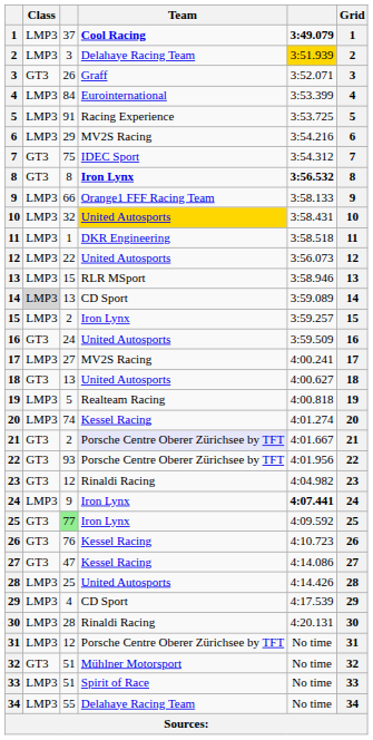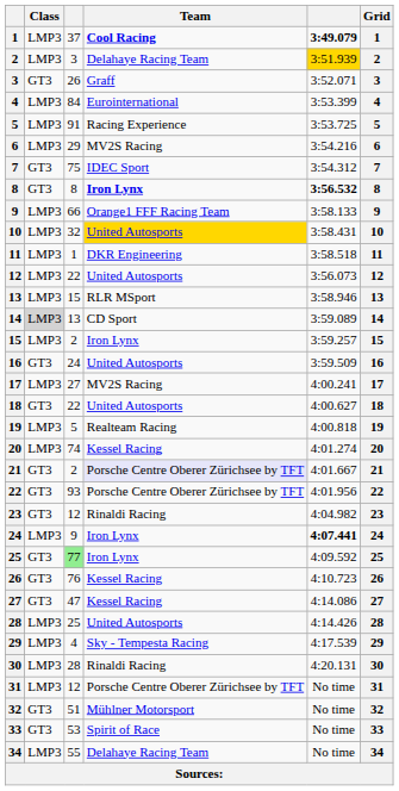 <table class="wikitable" style="font-size: 85%;">
 <tr>
 <th></th>
 <th>Class</th>
 <th></th>
 <th>Team</th>
 <th></th>
 <th>Grid</th>
 </tr>
 <tr>
 <th>1</th>
 <td>LMP3</td>
 <td align="center">37</td>
 <td><strong><a href='#'>Cool Racing</a></strong></td>
 <td align="center"><strong>3:49.079</strong></td>
 <th>1</th>
 </tr>
 <tr>
 <th>2</th>
 <td>LMP3</td>
 <td align="center">3</td>
 <td><a href='#'>Delahaye Racing Team</a></td>
 <td align="center" style="background: gold;">3:51.939</td>
 <th>2</th>
 </tr>
 <tr>
 <th>3</th>
 <td>GT3</td>
 <td align="center">26</td>
 <td><a href='#'>Graff</a></td>
 <td align="center">3:52.071</td>
 <th>3</th>
 </tr>
 <tr>
 <th>4</th>
 <td>LMP3</td>
 <td align="center">84</td>
 <td><a href='#'>Eurointernational</a></td>
 <td align="center">3:53.399</td>
 <th>4</th>
 </tr>
 <tr>
 <th>5</th>
 <td>LMP3</td>
 <td align="center">91</td>
 <td>Racing Experience</td>
 <td align="center">3:53.725</td>
 <th>5</th>
 </tr>
 <tr>
 <th>6</th>
 <td>LMP3</td>
 <td align="center">29</td>
 <td>MV2S Racing</td>
 <td align="center">3:54.216</td>
 <th>6</th>
 </tr>
 <tr>
 <th>7</th>
 <td>GT3</td>
 <td align="center">75</td>
 <td><a href='#'>IDEC Sport</a></td>
 <td align="center">3:54.312</td>
 <th>7</th>
 </tr>
 <tr>
 <th>8</th>
 <td>GT3</td>
 <td align="center">8</td>
 <td><strong><a href='#'>Iron Lynx</a></strong></td>
 <td align="center"><strong>3:56.532 </strong></td>
 <th>8</th>
 </tr>
 <tr>
 <th>9</th>
 <td>LMP3</td>
 <td align="center">66</td>
 <td><a href='#'>Orange1 FFF Racing Team</a></td>
 <td align="center">3:58.133</td>
 <th>9</th>
 </tr>
 <tr>
 <th>10</th>
 <td>LMP3</td>
 <td align="center">32</td>
 <td style="background: gold;"><a href='#'>United Autosports</a></td>
 <td align="center">3:58.431</td>
 <th>10</th>
 </tr>
 <tr>
 <th>11</th>
 <td>LMP3</td>
 <td align="center">1</td>
 <td><a href='#'>DKR Engineering</a></td>
 <td align="center">3:58.518</td>
 <th>11</th>
 </tr>
 <tr>
 <th>12</th>
 <td>LMP3</td>
 <td align="center">22</td>
 <td><a href='#'>United Autosports</a></td>
 <td align="center">3:56.073</td>
 <th>12</th>
 </tr>
 <tr>
 <th>13</th>
 <td>LMP3</td>
 <td align="center">15</td>
 <td>RLR MSport</td>
 <td align="center">3:58.946</td>
 <th>13</th>
 </tr>
 <tr>
 <th>14</th>
 <td style="background: lightgrey;">LMP3</td>
 <td align="center">13</td>
 <td>CD Sport</td>
 <td align="center">3:59.089</td>
 <th>14</th>
 </tr>
 <tr>
 <th>15</th>
 <td>LMP3</td>
 <td align="center">2</td>
 <td><a href='#'>Iron Lynx</a></td>
 <td align="center">3:59.257</td>
 <th>15</th>
 </tr>
 <tr>
 <th>16</th>
 <td>GT3</td>
 <td align="center">24</td>
 <td><a href='#'>United Autosports</a></td>
 <td align="center">3:59.509</td>
 <th>16</th>
 </tr>
 <tr>
 <th>17</th>
 <td>LMP3</td>
 <td align="center">27</td>
 <td>MV2S Racing</td>
 <td align="center">4:00.241</td>
 <th>17</th>
 </tr>
 <tr>
 <th>18</th>
 <td>GT3</td>
-<td align="center">13</td>
+<td align="center">22</td>
 <td><a href='#'>United Autosports</a></td>
 <td align="center">4:00.627</td>
 <th>18</th>
 </tr>
 <tr>
 <th>19</th>
 <td>LMP3</td>
 <td align="center">5</td>
 <td>Realteam Racing</td>
 <td align="center">4:00.818</td>
 <th>19</th>
 </tr>
 <tr>
 <th>20</th>
 <td>LMP3</td>
 <td align="center">74</td>
 <td><a href='#'>Kessel Racing</a></td>
 <td align="center">4:01.274</td>
 <th>20</th>
 </tr>
 <tr>
 <th>21</th>
 <td>GT3</td>
 <td align="center">2</td>
 <td style="background: lavender;">Porsche Centre Oberer Zürichsee by <a href='#'>TFT</a></td>
 <td align="center">4:01.667</td>
 <th>21</th>
 </tr>
 <tr>
 <th>22</th>
 <td>GT3</td>
 <td align="center">93</td>
 <td>Porsche Centre Oberer Zürichsee by <a href='#'>TFT</a></td>
 <td align="center">4:01.956</td>
 <th>22</th>
 </tr>
 <tr>
 <th>23</th>
 <td>GT3</td>
 <td align="center">12</td>
 <td>Rinaldi Racing</td>
 <td align="center">4:04.982</td>
 <th>23</th>
 </tr>
 <tr>
 <th>24</th>
 <td>LMP3</td>
 <td align="center">9</td>
 <td><a href='#'>Iron Lynx</a></td>
 <td align="center"><strong>4:07.441</strong></td>
 <th>24</th>
 </tr>
 <tr>
 <th>25</th>
 <td>GT3</td>
 <td align="center" style="background: lightgreen;">77</td>
 <td><a href='#'>Iron Lynx</a></td>
 <td align="center">4:09.592</td>
 <th>25</th>
 </tr>
 <tr>
 <th>26</th>
 <td>GT3</td>
 <td align="center">76</td>
 <td><a href='#'>Kessel Racing</a></td>
 <td align="center">4:10.723</td>
 <th>26</th>
 </tr>
 <tr>
 <th>27</th>
 <td>GT3</td>
 <td align="center">47</td>
 <td><a href='#'>Kessel Racing</a></td>
 <td align="center">4:14.086</td>
 <th>27</th>
 </tr>
 <tr>
 <th>28</th>
 <td>LMP3</td>
 <td align="center">25</td>
 <td><a href='#'>United Autosports</a></td>
 <td align="center">4:14.426</td>
 <th>28</th>
 </tr>
 <tr>
 <th>29</th>
 <td>LMP3</td>
 <td align="center">4</td>
-<td>CD Sport</td>
+<td><a href='#'>Sky - Tempesta Racing</a></td>
 <td align="center">4:17.539</td>
 <th>29</th>
 </tr>
 <tr>
 <th>30</th>
 <td>LMP3</td>
 <td align="center">28</td>
 <td>Rinaldi Racing</td>
 <td align="center">4:20.131</td>
 <th>30</th>
 </tr>
 <tr>
 <th>31</th>
 <td>LMP3</td>
 <td align="center">12</td>
 <td>Porsche Centre Oberer Zürichsee by <a href='#'>TFT</a></td>
 <td align="center">No time</td>
 <th>31</th>
 </tr>
 <tr>
 <th>32</th>
 <td>GT3</td>
 <td align="center">51</td>
 <td><a href='#'>Mühlner Motorsport</a></td>
 <td align="center">No time</td>
 <th>32</th>
 </tr>
 <tr>
 <th>33</th>
-<td>LMP3</td>
-<td align="center">51</td>
+<td>GT3</td>
+<td align="center">53</td>
 <td><a href='#'>Spirit of Race</a></td>
 <td align="center">No time</td>
 <th>33</th>
 </tr>
 <tr>
 <th>34</th>
 <td>LMP3</td>
 <td align="center">55</td>
 <td><a href='#'>Delahaye Racing Team</a></td>
 <td align="center">No time</td>
 <th>34</th>
 </tr>
 <tr>
 <th colspan="6">Sources:</th>
 </tr>
 </table>
